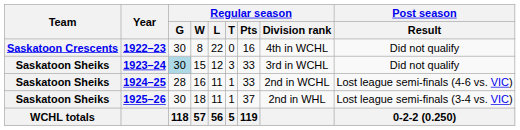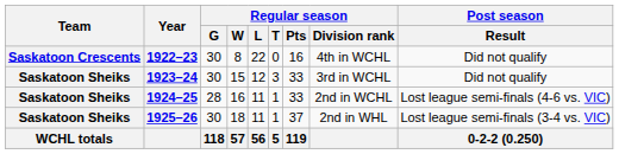 <table class="wikitable" style="font-size: 95%; text-align:center;">
 <tr>
 <th rowspan="2">Team</th>
 <th rowspan="2">Year</th>
 <th colspan="6"><a href='#'>Regular season</a></th>
 <th colspan="1"><a href='#'>Post season</a></th>
 </tr>
 <tr>
 <th>G</th>
 <th>W</th>
 <th>L</th>
 <th>T</th>
 <th>Pts</th>
 <th>Division rank</th>
 <th>Result</th>
 </tr>
 <tr>
 <th><a href='#'>Saskatoon Crescents</a></th>
 <th><a href='#'>1922–23</a></th>
 <td>30</td>
 <td>8</td>
 <td>22</td>
 <td>0</td>
 <td>16</td>
 <td>4th in WCHL</td>
 <td>Did not qualify</td>
 </tr>
 <tr>
 <th>Saskatoon Sheiks</th>
 <th><a href='#'>1923–24</a></th>
-<td style="background: lightblue;">30</td>
+<td>30</td>
 <td>15</td>
 <td>12</td>
 <td>3</td>
 <td>33</td>
 <td>3rd in WCHL</td>
 <td>Did not qualify</td>
 </tr>
 <tr>
 <th>Saskatoon Sheiks</th>
 <th><a href='#'>1924–25</a></th>
 <td>28</td>
 <td>16</td>
 <td>11</td>
 <td>1</td>
 <td>33</td>
 <td>2nd in WCHL</td>
 <td>Lost league semi-finals (4-6 vs. <a href='#'>VIC</a>)</td>
 </tr>
 <tr>
 <th>Saskatoon Sheiks</th>
 <th><a href='#'>1925–26</a></th>
 <td>30</td>
 <td>18</td>
 <td>11</td>
 <td>1</td>
 <td>37</td>
 <td>2nd in WHL</td>
 <td>Lost league semi-finals (3-4 vs. <a href='#'>VIC</a>)</td>
 </tr>
 <tr align="centre" bgcolor="#dddddd">
 <th>WCHL totals</th>
 <th></th>
 <th>118</th>
 <th>57</th>
 <th>56</th>
 <th>5</th>
 <th>119</th>
 <th></th>
 <th>0-2-2 (0.250)</th>
 </tr>
 </table>
